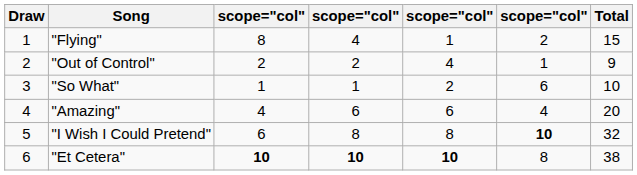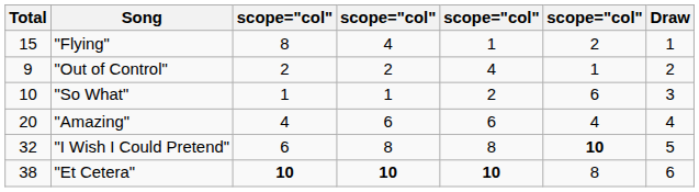 <table class="wikitable collapsible" style="margin: 1em auto 1em auto; text-align:center;">
 <tr>
-<th>Draw</th>
+<th>Total</th>
 <th>Song</th>
 <th>scope="col" </th>
 <th>scope="col" </th>
 <th>scope="col" </th>
 <th>scope="col" </th>
-<th>Total</th>
+<th>Draw</th>
 </tr>
 <tr>
-<td>1</td>
+<td>15</td>
 <td align="left">"Flying"</td>
 <td>8</td>
 <td>4</td>
 <td>1</td>
 <td>2</td>
-<td>15</td>
+<td>1</td>
 </tr>
 <tr>
-<td>2</td>
+<td>9</td>
 <td align="left">"Out of Control"</td>
 <td>2</td>
 <td>2</td>
 <td>4</td>
 <td>1</td>
-<td>9</td>
+<td>2</td>
 </tr>
 <tr>
-<td>3</td>
+<td>10</td>
 <td align="left">"So What"</td>
 <td>1</td>
 <td>1</td>
 <td>2</td>
 <td>6</td>
-<td>10</td>
+<td>3</td>
 </tr>
 <tr>
-<td>4</td>
+<td>20</td>
 <td align="left">"Amazing"</td>
 <td>4</td>
 <td>6</td>
 <td>6</td>
 <td>4</td>
-<td>20</td>
+<td>4</td>
 </tr>
 <tr>
-<td>5</td>
+<td>32</td>
 <td align="left">"I Wish I Could Pretend"</td>
 <td>6</td>
 <td>8</td>
 <td>8</td>
 <td><strong>10</strong></td>
-<td>32</td>
+<td>5</td>
 </tr>
 <tr>
-<td>6</td>
+<td>38</td>
 <td align="left">"Et Cetera"</td>
 <td><strong>10</strong></td>
 <td><strong>10</strong></td>
 <td><strong>10</strong></td>
 <td>8</td>
-<td>38</td>
+<td>6</td>
 </tr>
 </table>
